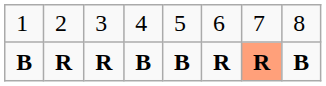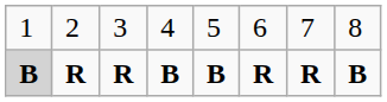 <table class="wikitable">
 <tr>
 <td> 1 </td>
 <td> 2 </td>
 <td> 3 </td>
 <td> 4 </td>
 <td> 5 </td>
 <td> 6 </td>
 <td> 7 </td>
 <td> 8 </td>
 </tr>
 <tr>
-<td> <strong><span>B</span></strong> </td>
+<td style="background: lightgrey;"> <strong><span>B</span></strong> </td>
 <td> <strong><span>R</span></strong> </td>
 <td> <strong><span>R</span></strong> </td>
 <td> <strong><span>B</span></strong> </td>
 <td> <strong><span>B</span></strong> </td>
 <td> <strong><span>R</span></strong> </td>
-<td style="background: lightsalmon;"> <strong><span>R</span></strong> </td>
+<td> <strong><span>R</span></strong> </td>
 <td> <strong><span>B</span></strong> </td>
 </tr>
 </table>
